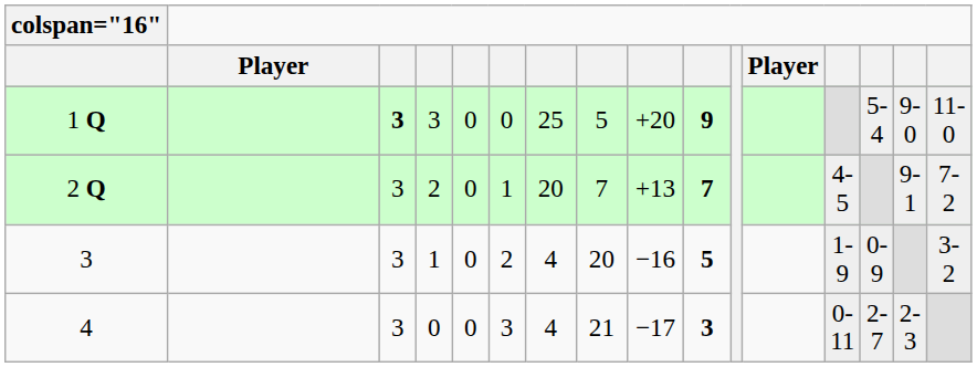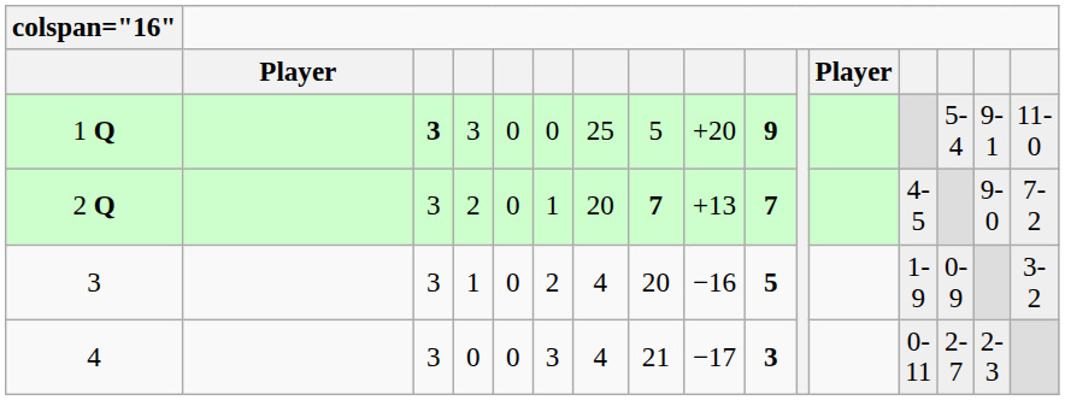 <table class=wikitable style=text-align:center>
 <tr>
 <th>colspan="16" </th>
 </tr>
 <tr>
 <th width=20 abbr=Position></th>
 <th width=175>Player</th>
 <th width=20 abbr=Played></th>
 <th width=20 abbr=Won></th>
 <th width=20 abbr=Drawn></th>
 <th width=20 abbr=Lost></th>
 <th width=30 abbr=Points for></th>
 <th width=30 abbr=Points against></th>
 <th width=30 abbr=Points difference></th>
 <th width=30 abbr=Points></th>
 <th rowspan="5" abbr=H2H></th>
 <th>Player</th>
 <th></th>
 <th></th>
 <th></th>
 <th></th>
 </tr>
 <tr bgcolor=#CCFFCC>
 <td>1 <strong>Q</strong></td>
 <td align=left></td>
 <td><strong>3</strong></td>
 <td>3</td>
 <td>0</td>
 <td>0</td>
 <td>25</td>
 <td>5</td>
 <td>+20</td>
 <td><strong>9</strong></td>
 <td></td>
 <td bgcolor="#dddddd"> </td>
 <td bgcolor="#efefef">5-4</td>
-<td bgcolor="#efefef">9-0</td>
+<td bgcolor="#efefef">9-1</td>
 <td bgcolor="#efefef">11-0</td>
 </tr>
 <tr bgcolor=#CCFFCC>
 <td>2 <strong>Q</strong> </td>
 <td align=left></td>
 <td>3</td>
 <td>2</td>
 <td>0</td>
 <td>1</td>
 <td>20</td>
-<td>7</td>
+<td><strong>7</strong></td>
 <td>+13</td>
 <td><strong>7</strong></td>
 <td></td>
 <td bgcolor="#efefef">4-5</td>
 <td bgcolor="#dddddd"> </td>
-<td bgcolor="#efefef">9-1</td>
+<td bgcolor="#efefef">9-0</td>
 <td bgcolor="#efefef">7-2</td>
 </tr>
 <tr>
 <td>3 </td>
 <td align=left></td>
 <td>3</td>
 <td>1</td>
 <td>0</td>
 <td>2</td>
 <td>4</td>
 <td>20</td>
 <td>−16</td>
 <td><strong>5</strong></td>
 <td></td>
 <td bgcolor="#efefef">1-9</td>
 <td bgcolor="#efefef">0-9</td>
 <td bgcolor="#dddddd"> </td>
 <td bgcolor="#efefef">3-2</td>
 </tr>
 <tr>
 <td>4 </td>
 <td align=left></td>
 <td>3</td>
 <td>0</td>
 <td>0</td>
 <td>3</td>
 <td>4</td>
 <td>21</td>
 <td>−17</td>
 <td><strong>3</strong></td>
 <td></td>
 <td bgcolor="#efefef">0-11</td>
 <td bgcolor="#efefef">2-7</td>
 <td bgcolor="#efefef">2-3</td>
 <td bgcolor="#dddddd"> </td>
 </tr>
 </table>
